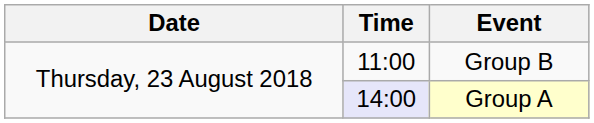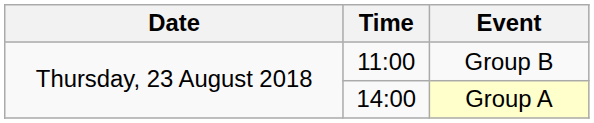 <table class="wikitable" style="text-align:center;">
 <tr>
 <th width="220">Date</th>
 <th width="50">Time</th>
 <th width="100">Event</th>
 </tr>
 <tr>
 <td rowspan="2">Thursday, 23 August 2018</td>
 <td>11:00</td>
 <td>Group B</td>
 </tr>
 <tr>
-<td style="background: lavender;">14:00</td>
+<td>14:00</td>
 <td bgcolor="#ffffcc">Group A</td>
 </tr>
 </table>
